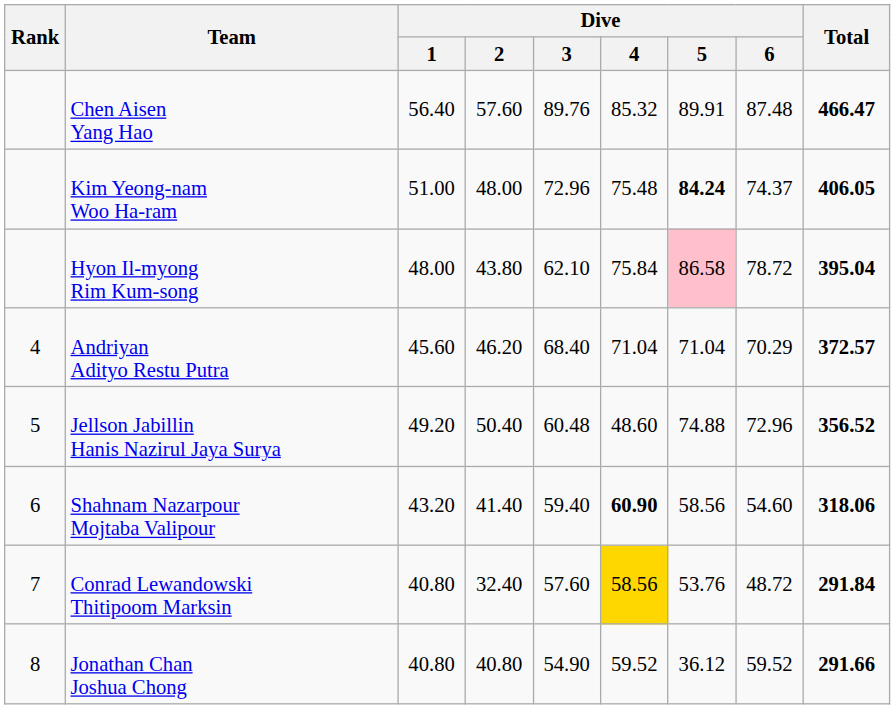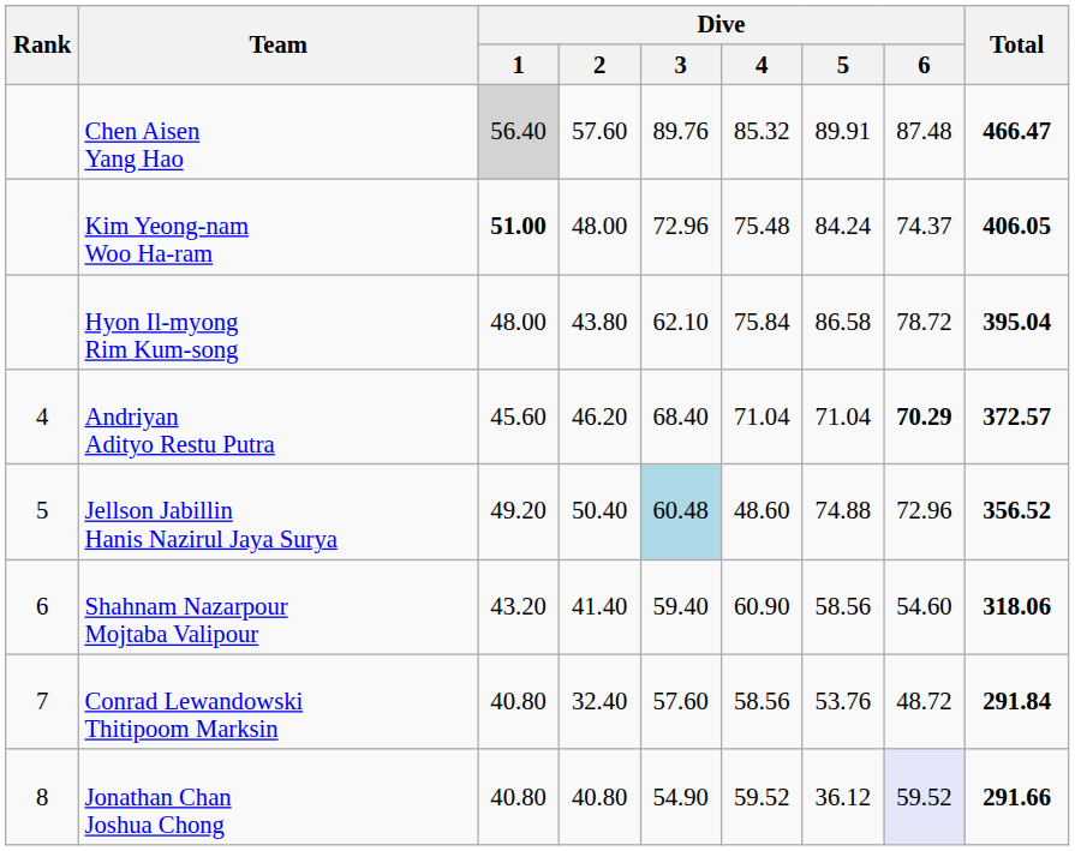 <table class=wikitable style="text-align:center">
 <tr>
 <th rowspan="2" width=40>Rank</th>
 <th rowspan="2" width=250>Team</th>
 <th colspan="6">Dive</th>
 <th rowspan="2" width=60>Total</th>
 </tr>
 <tr>
 <th width=45>1</th>
 <th width=45>2</th>
 <th width=45>3</th>
 <th width=45>4</th>
 <th width=45>5</th>
 <th width=45>6</th>
 </tr>
 <tr>
 <td></td>
 <td align=left><br><a href='#'>Chen Aisen</a><br><a href='#'>Yang Hao</a></td>
-<td>56.40</td>
+<td style="background: lightgrey;">56.40</td>
 <td>57.60</td>
 <td>89.76</td>
 <td>85.32</td>
 <td>89.91</td>
 <td>87.48</td>
 <td><strong>466.47</strong></td>
 </tr>
 <tr>
 <td></td>
 <td align=left><br><a href='#'>Kim Yeong-nam</a><br><a href='#'>Woo Ha-ram</a></td>
-<td>51.00</td>
+<td><strong>51.00</strong></td>
 <td>48.00</td>
 <td>72.96</td>
 <td>75.48</td>
-<td><strong>84.24</strong></td>
+<td>84.24</td>
 <td>74.37</td>
 <td><strong>406.05</strong></td>
 </tr>
 <tr>
 <td></td>
 <td align=left><br><a href='#'>Hyon Il-myong</a><br><a href='#'>Rim Kum-song</a></td>
 <td>48.00</td>
 <td>43.80</td>
 <td>62.10</td>
 <td>75.84</td>
-<td style="background: pink;">86.58</td>
+<td>86.58</td>
 <td>78.72</td>
 <td><strong>395.04</strong></td>
 </tr>
 <tr>
 <td>4</td>
 <td align=left><br><a href='#'>Andriyan</a><br><a href='#'>Adityo Restu Putra</a></td>
 <td>45.60</td>
 <td>46.20</td>
 <td>68.40</td>
 <td>71.04</td>
 <td>71.04</td>
-<td>70.29</td>
+<td><strong>70.29</strong></td>
 <td><strong>372.57</strong></td>
 </tr>
 <tr>
 <td>5</td>
 <td align=left><br><a href='#'>Jellson Jabillin</a><br><a href='#'>Hanis Nazirul Jaya Surya</a></td>
 <td>49.20</td>
 <td>50.40</td>
-<td>60.48</td>
+<td style="background: lightblue;">60.48</td>
 <td>48.60</td>
 <td>74.88</td>
 <td>72.96</td>
 <td><strong>356.52</strong></td>
 </tr>
 <tr>
 <td>6</td>
 <td align=left><br><a href='#'>Shahnam Nazarpour</a><br><a href='#'>Mojtaba Valipour</a></td>
 <td>43.20</td>
 <td>41.40</td>
 <td>59.40</td>
-<td><strong>60.90</strong></td>
+<td>60.90</td>
 <td>58.56</td>
 <td>54.60</td>
 <td><strong>318.06</strong></td>
 </tr>
 <tr>
 <td>7</td>
 <td align=left><br><a href='#'>Conrad Lewandowski</a><br><a href='#'>Thitipoom Marksin</a></td>
 <td>40.80</td>
 <td>32.40</td>
 <td>57.60</td>
-<td style="background: gold;">58.56</td>
+<td>58.56</td>
 <td>53.76</td>
 <td>48.72</td>
 <td><strong>291.84</strong></td>
 </tr>
 <tr>
 <td>8</td>
 <td align=left><br><a href='#'>Jonathan Chan</a><br><a href='#'>Joshua Chong</a></td>
 <td>40.80</td>
 <td>40.80</td>
 <td>54.90</td>
 <td>59.52</td>
 <td>36.12</td>
-<td>59.52</td>
+<td style="background: lavender;">59.52</td>
 <td><strong>291.66</strong></td>
 </tr>
 </table>
